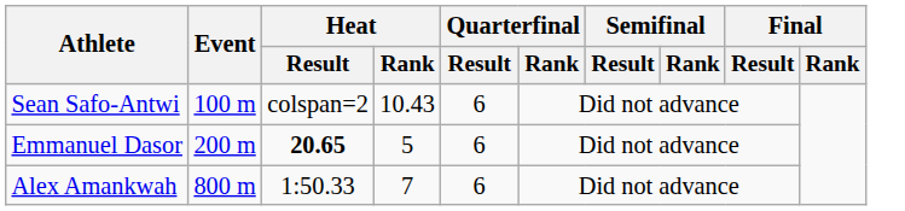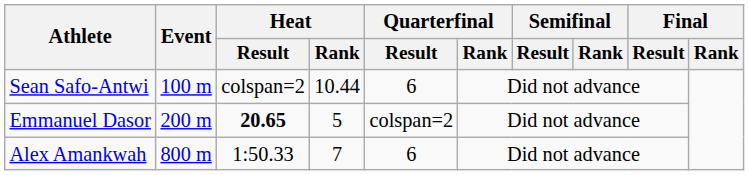 <table class="wikitable" style="font-size:90%">
 <tr>
 <th rowspan="2">Athlete</th>
 <th rowspan="2">Event</th>
 <th colspan="2">Heat</th>
 <th colspan="2">Quarterfinal</th>
 <th colspan="2">Semifinal</th>
 <th colspan="2">Final</th>
 </tr>
 <tr style="font-size:95%">
 <th>Result</th>
 <th>Rank</th>
 <th>Result</th>
 <th>Rank</th>
 <th>Result</th>
 <th>Rank</th>
 <th>Result</th>
 <th>Rank</th>
 </tr>
 <tr align=center>
 <td align=left><a href='#'>Sean Safo-Antwi</a></td>
 <td align=left><a href='#'>100 m</a></td>
 <td>colspan=2 </td>
-<td>10.43</td>
+<td>10.44</td>
 <td>6</td>
 <td colspan=4>Did not advance</td>
 </tr>
 <tr align=center>
 <td align=left><a href='#'>Emmanuel Dasor</a></td>
 <td align=left><a href='#'>200 m</a></td>
 <td><strong>20.65</strong></td>
 <td>5</td>
-<td>6</td>
+<td>colspan=2 </td>
 <td colspan=4>Did not advance</td>
 </tr>
 <tr align=center>
 <td align=left><a href='#'>Alex Amankwah</a></td>
 <td align=left><a href='#'>800 m</a></td>
 <td>1:50.33</td>
 <td>7</td>
 <td>6</td>
 <td colspan=4>Did not advance</td>
 </tr>
 </table>
